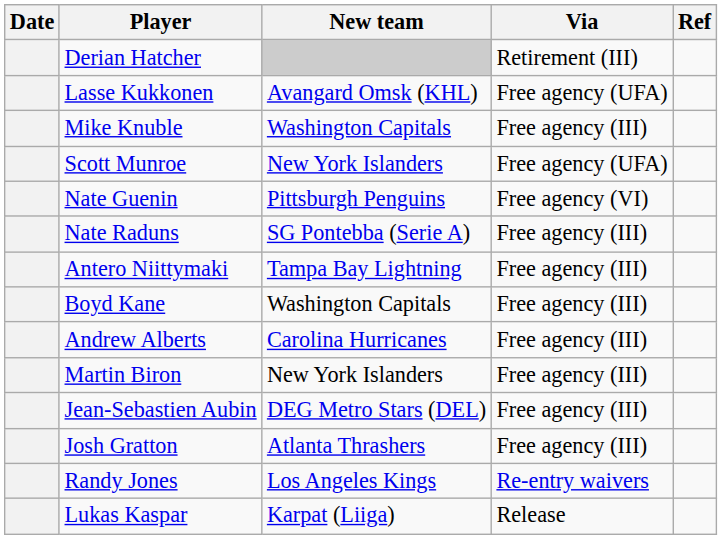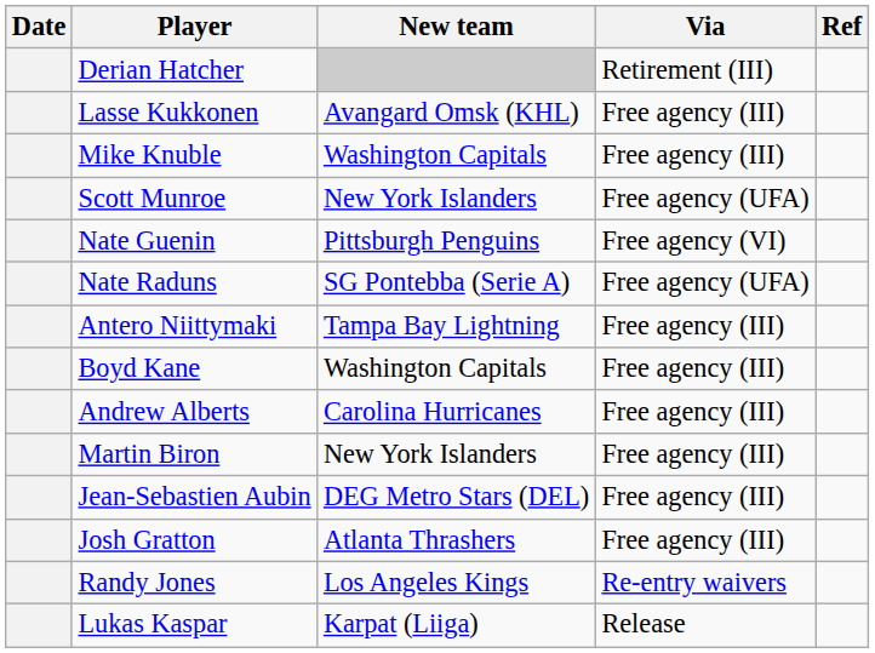 <table class="wikitable plainrowheaders">
 <tr style="background:#ddd; text-align:center;">
 <th>Date</th>
 <th>Player</th>
 <th>New team</th>
 <th>Via</th>
 <th>Ref</th>
 </tr>
 <tr>
 <th scope="row"></th>
 <td><a href='#'>Derian Hatcher</a></td>
 <td style="background:#ccc"></td>
 <td>Retirement (III)</td>
 <td></td>
 </tr>
 <tr>
 <th scope="row"></th>
 <td><a href='#'>Lasse Kukkonen</a></td>
 <td><a href='#'>Avangard Omsk</a> (<a href='#'>KHL</a>)</td>
-<td>Free agency (UFA)</td>
+<td>Free agency (III)</td>
 <td></td>
 </tr>
 <tr>
 <th scope="row"></th>
 <td><a href='#'>Mike Knuble</a></td>
 <td><a href='#'>Washington Capitals</a></td>
 <td>Free agency (III)</td>
 <td></td>
 </tr>
 <tr>
 <th scope="row"></th>
 <td><a href='#'>Scott Munroe</a></td>
 <td><a href='#'>New York Islanders</a></td>
 <td>Free agency (UFA)</td>
 <td></td>
 </tr>
 <tr>
 <th scope="row"></th>
 <td><a href='#'>Nate Guenin</a></td>
 <td><a href='#'>Pittsburgh Penguins</a></td>
 <td>Free agency (VI)</td>
 <td></td>
 </tr>
 <tr>
 <th scope="row"></th>
 <td><a href='#'>Nate Raduns</a></td>
 <td><a href='#'>SG Pontebba</a> (<a href='#'>Serie A</a>)</td>
-<td>Free agency (III)</td>
+<td>Free agency (UFA)</td>
 <td></td>
 </tr>
 <tr>
 <th scope="row"></th>
 <td><a href='#'>Antero Niittymaki</a></td>
 <td><a href='#'>Tampa Bay Lightning</a></td>
 <td>Free agency (III)</td>
 <td></td>
 </tr>
 <tr>
 <th scope="row"></th>
 <td><a href='#'>Boyd Kane</a></td>
 <td>Washington Capitals</td>
 <td>Free agency (III)</td>
 <td></td>
 </tr>
 <tr>
 <th scope="row"></th>
 <td><a href='#'>Andrew Alberts</a></td>
 <td><a href='#'>Carolina Hurricanes</a></td>
 <td>Free agency (III)</td>
 <td></td>
 </tr>
 <tr>
 <th scope="row"></th>
 <td><a href='#'>Martin Biron</a></td>
 <td>New York Islanders</td>
 <td>Free agency (III)</td>
 <td></td>
 </tr>
 <tr>
 <th scope="row"></th>
 <td><a href='#'>Jean-Sebastien Aubin</a></td>
 <td><a href='#'>DEG Metro Stars</a> (<a href='#'>DEL</a>)</td>
 <td>Free agency (III)</td>
 <td></td>
 </tr>
 <tr>
 <th scope="row"></th>
 <td><a href='#'>Josh Gratton</a></td>
 <td><a href='#'>Atlanta Thrashers</a></td>
 <td>Free agency (III)</td>
 <td></td>
 </tr>
 <tr>
 <th scope="row"></th>
 <td><a href='#'>Randy Jones</a></td>
 <td><a href='#'>Los Angeles Kings</a></td>
 <td><a href='#'>Re-entry waivers</a></td>
 <td></td>
 </tr>
 <tr>
 <th scope="row"></th>
 <td><a href='#'>Lukas Kaspar</a></td>
 <td><a href='#'>Karpat</a> (<a href='#'>Liiga</a>)</td>
 <td>Release</td>
 <td></td>
 </tr>
 </table>
